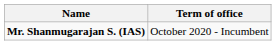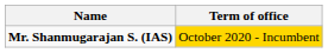 <table class="wikitable">
 <tr>
 <th>Name</th>
 <th>Term of office</th>
 </tr>
 <tr>
 <td><strong>Mr. Shanmugarajan S. (IAS)</strong></td>
-<td>October 2020 - Incumbent</td>
+<td style="background: gold;">October 2020 - Incumbent</td>
 </tr>
 </table>
